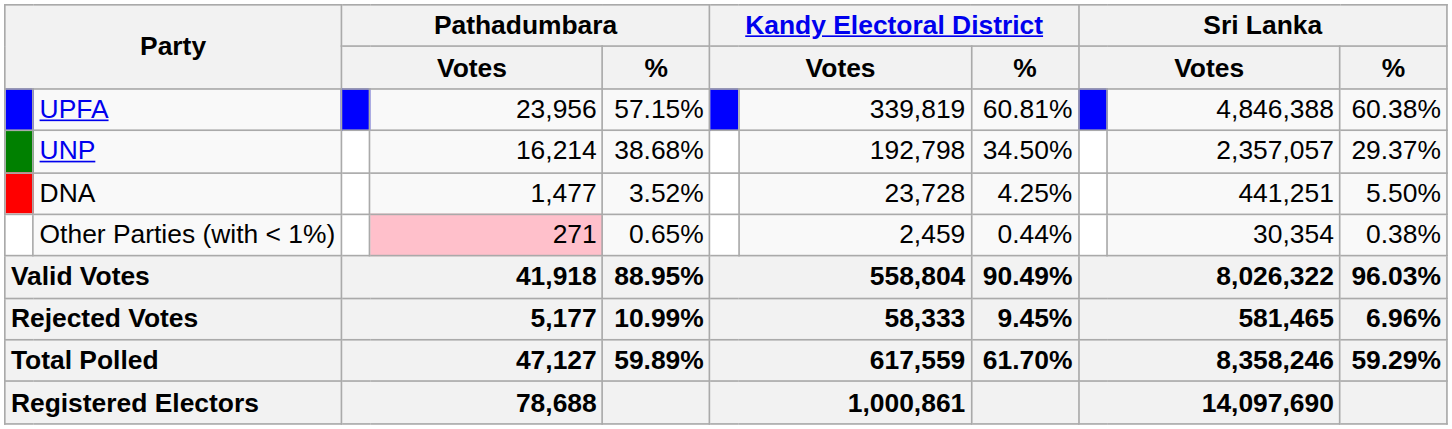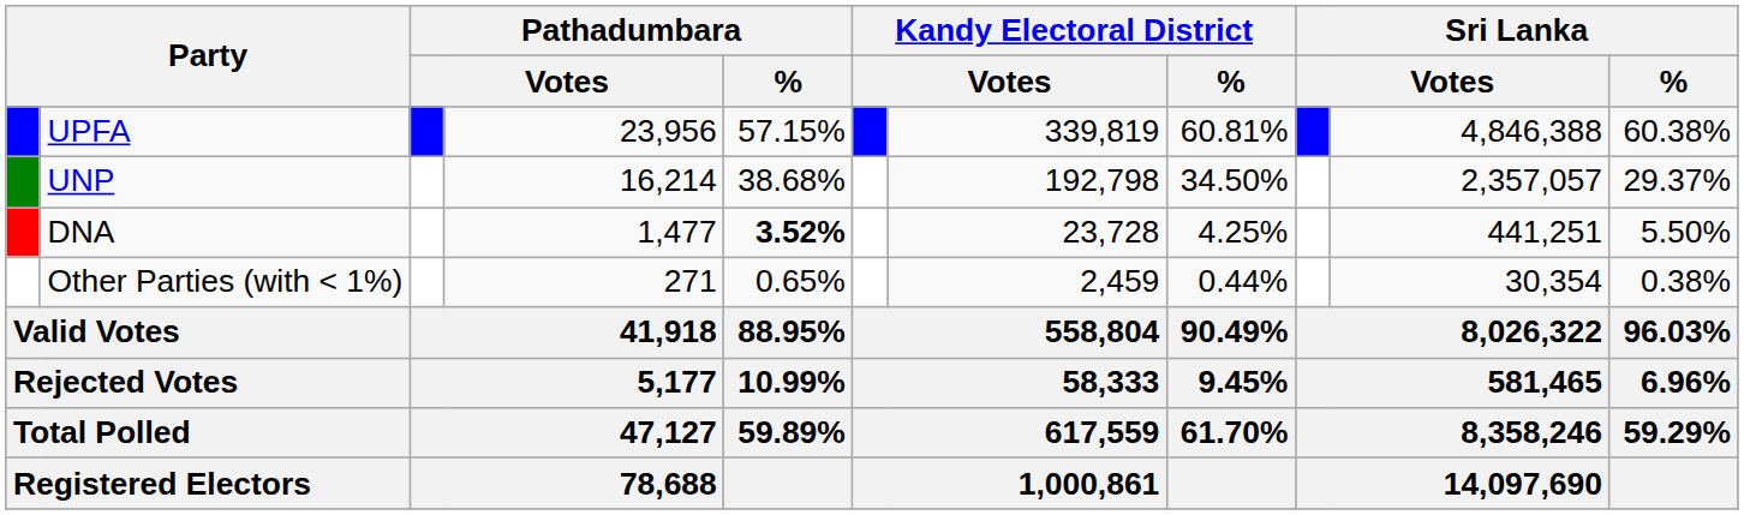 <table class="wikitable">
 <tr>
 <th colspan="2" width="144px"rowspan="2">Party</th>
 <th colspan="3" width="216px">Pathadumbara</th>
 <th colspan="3" width="216px"><a href='#'>Kandy Electoral District</a></th>
 <th colspan="3" width="216px">Sri Lanka</th>
 </tr>
 <tr>
 <th colspan="2" width="144px">Votes</th>
 <th>%</th>
 <th colspan="2" width="144px">Votes</th>
 <th>%</th>
 <th colspan="2" width="144px">Votes</th>
 <th>%</th>
 </tr>
 <tr>
 <td style="background-color:blue;" width="10px"></td>
 <td style="text-align:left;"><a href='#'>UPFA</a></td>
 <td style="background-color:blue;" width="10px"></td>
 <td style="text-align:right;">23,956</td>
 <td style="text-align:right;">57.15%</td>
 <td style="background-color:blue;" width="10px"></td>
 <td style="text-align:right;">339,819</td>
 <td style="text-align:right;">60.81%</td>
 <td style="background-color:blue;" width="10px"></td>
 <td style="text-align:right;">4,846,388</td>
 <td style="text-align:right;">60.38%</td>
 </tr>
 <tr>
 <td style="background-color:green;" width="10px"></td>
 <td style="text-align:left;"><a href='#'>UNP</a></td>
 <td style="background-color:white;" width="10px"></td>
 <td style="text-align:right;">16,214</td>
 <td style="text-align:right;">38.68%</td>
 <td style="background-color:white;" width="10px"></td>
 <td style="text-align:right;">192,798</td>
 <td style="text-align:right;">34.50%</td>
 <td style="background-color:white;" width="10px"></td>
 <td style="text-align:right;">2,357,057</td>
 <td style="text-align:right;">29.37%</td>
 </tr>
 <tr>
 <td style="background-color:red;" width="10px"></td>
 <td style="text-align:left;">DNA</td>
 <td style="background-color:white;" width="10px"></td>
 <td style="text-align:right;">1,477</td>
-<td style="text-align:right;">3.52%</td>
+<td style="text-align:right;"><strong>3.52%</strong></td>
 <td style="background-color:white;" width="10px"></td>
 <td style="text-align:right;">23,728</td>
 <td style="text-align:right;">4.25%</td>
 <td style="background-color:white;" width="10px"></td>
 <td style="text-align:right;">441,251</td>
 <td style="text-align:right;">5.50%</td>
 </tr>
 <tr>
 <td style="background-color:white;" width="10px"></td>
 <td style="text-align:left;">Other Parties (with < 1%)</td>
 <td style="background-color:white;" width="10px"></td>
-<td style="background: pink; text-align:right;">271</td>
+<td style="text-align:right;">271</td>
 <td style="text-align:right;">0.65%</td>
 <td style="background-color:white;" width="10px"></td>
 <td style="text-align:right;">2,459</td>
 <td style="text-align:right;">0.44%</td>
 <td style="background-color:white;" width="10px"></td>
 <td style="text-align:right;">30,354</td>
 <td style="text-align:right;">0.38%</td>
 </tr>
 <tr>
 <th colspan="2" width="144px"style="text-align:left;">Valid Votes</th>
 <th style="text-align:right;"colspan="2" width="144px">41,918</th>
 <th style="text-align:right;">88.95%</th>
 <th style="text-align:right;"colspan="2" width="144px">558,804</th>
 <th style="text-align:right;">90.49%</th>
 <th style="text-align:right;"colspan="2" width="144px">8,026,322</th>
 <th style="text-align:right;">96.03%</th>
 </tr>
 <tr>
 <th colspan="2" width="144px"style="text-align:left;">Rejected Votes</th>
 <th style="text-align:right;"colspan="2" width="144px">5,177</th>
 <th style="text-align:right;">10.99%</th>
 <th style="text-align:right;"colspan="2" width="144px">58,333</th>
 <th style="text-align:right;">9.45%</th>
 <th style="text-align:right;"colspan="2" width="144px">581,465</th>
 <th style="text-align:right;">6.96%</th>
 </tr>
 <tr>
 <th colspan="2" width="144px"style="text-align:left;">Total Polled</th>
 <th style="text-align:right;"colspan="2" width="144px">47,127</th>
 <th style="text-align:right;">59.89%</th>
 <th style="text-align:right;"colspan="2" width="144px">617,559</th>
 <th style="text-align:right;">61.70%</th>
 <th style="text-align:right;"colspan="2" width="144px">8,358,246</th>
 <th style="text-align:right;">59.29%</th>
 </tr>
 <tr>
 <th colspan="2" width="144px"style="text-align:left;">Registered Electors</th>
 <th style="text-align:right;"colspan="2" width="144px">78,688</th>
 <th></th>
 <th style="text-align:right;"colspan="2" width="144px">1,000,861</th>
 <th></th>
 <th style="text-align:right;"colspan="2" width="144px">14,097,690</th>
 <th></th>
 </tr>
 </table>
